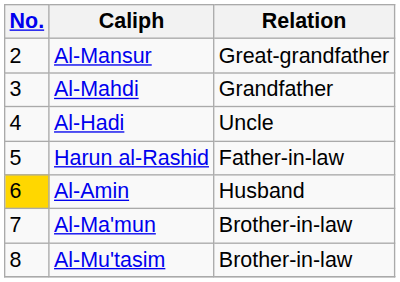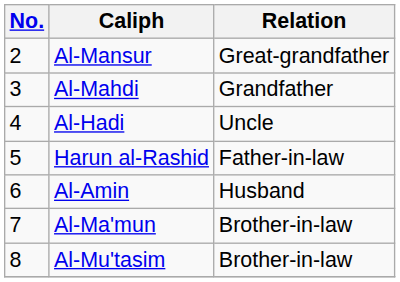 <table class="wikitable" border="2">
 <tr>
 <th><a href='#'>No.</a></th>
 <th>Caliph</th>
 <th>Relation</th>
 </tr>
 <tr>
 <td>2</td>
 <td><a href='#'>Al-Mansur</a></td>
 <td>Great-grandfather</td>
 </tr>
 <tr>
 <td>3</td>
 <td><a href='#'>Al-Mahdi</a></td>
 <td>Grandfather</td>
 </tr>
 <tr>
 <td>4</td>
 <td><a href='#'>Al-Hadi</a></td>
 <td>Uncle</td>
 </tr>
 <tr>
 <td>5</td>
 <td><a href='#'>Harun al-Rashid</a></td>
 <td>Father-in-law</td>
 </tr>
 <tr>
-<td style="background: gold;">6</td>
+<td>6</td>
 <td><a href='#'>Al-Amin</a></td>
 <td>Husband</td>
 </tr>
 <tr>
 <td>7</td>
 <td><a href='#'>Al-Ma'mun</a></td>
 <td>Brother-in-law</td>
 </tr>
 <tr>
 <td>8</td>
 <td><a href='#'>Al-Mu'tasim</a></td>
 <td>Brother-in-law</td>
 </tr>
 <tr>
 </tr>
 </table>
